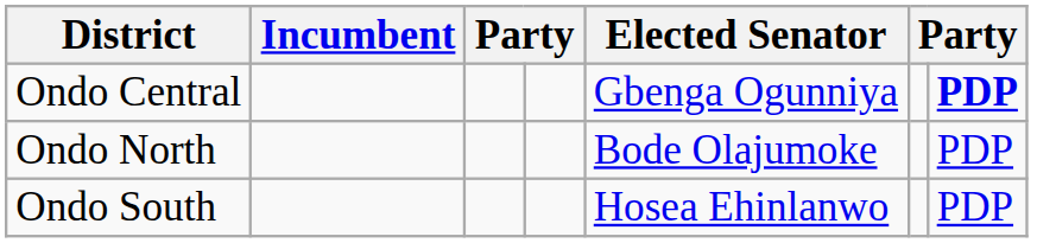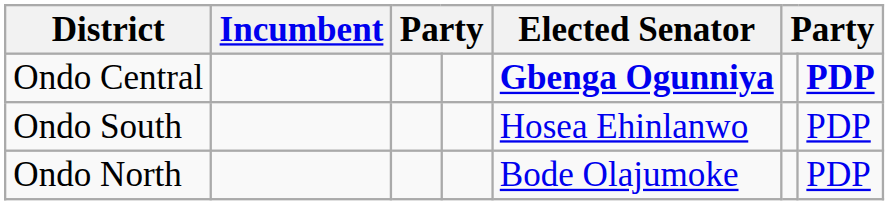 <table class="sortable wikitable" style="font-size:95%;line-height:14px;">
 <tr>
 <th class="unsortable">District</th>
 <th class="unsortable"><a href='#'>Incumbent</a></th>
 <th colspan="2">Party</th>
 <th class="unsortable">Elected Senator</th>
 <th colspan="2">Party</th>
 </tr>
 <tr>
 <td>Ondo Central</td>
 <td></td>
 <td></td>
 <td></td>
-<td><a href='#'>Gbenga Ogunniya</a></td>
+<td><strong><a href='#'>Gbenga Ogunniya</a></strong></td>
 <td style="background:"></td>
 <td><strong><a href='#'>PDP</a></strong></td>
+</tr>
+<tr>
+<td>Ondo South</td>
+<td></td>
+<td></td>
+<td></td>
+<td><a href='#'>Hosea Ehinlanwo</a></td>
+<td style="background:"></td>
+<td><a href='#'>PDP</a></td>
 </tr>
 <tr>
 <td>Ondo North</td>
 <td></td>
 <td></td>
 <td></td>
 <td><a href='#'>Bode Olajumoke</a></td>
 <td style="background:"></td>
 <td><a href='#'>PDP</a></td>
 </tr>
-<tr>
-<td>Ondo South</td>
-<td></td>
-<td></td>
-<td></td>
-<td><a href='#'>Hosea Ehinlanwo</a></td>
-<td style="background:"></td>
-<td><a href='#'>PDP</a></td>
-</tr>
 </table>
